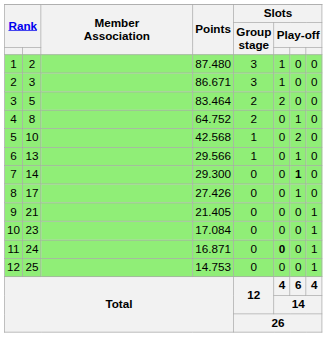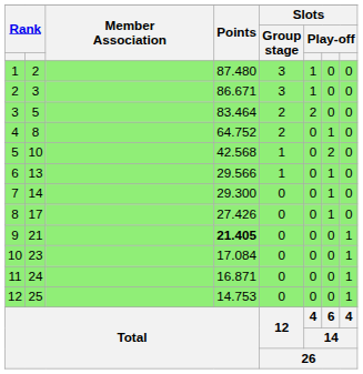 <table class="wikitable" style="text-align:center">
 <tr>
 </tr>
 <tr>
 <th colspan=2 rowspan=2><a href='#'>Rank</a></th>
 <th rowspan=3 width=200>Member<br>Association</th>
 <th rowspan=3>Points</th>
 <th colspan=4>Slots</th>
 </tr>
 <tr>
 <th rowspan=2>Group<br>stage</th>
 <th colspan=3>Play-off</th>
 </tr>
 <tr>
 <th></th>
 <th></th>
 <th></th>
 <th></th>
 <th></th>
 </tr>
 <tr bgcolor=#90ee77>
 <td>1</td>
 <td>2</td>
 <td align=left></td>
 <td>87.480</td>
 <td>3</td>
 <td>1</td>
 <td>0</td>
 <td>0</td>
 </tr>
 <tr bgcolor=#90ee77>
 <td>2</td>
 <td>3</td>
 <td align=left></td>
 <td>86.671</td>
 <td>3</td>
 <td>1</td>
 <td>0</td>
 <td>0</td>
 </tr>
 <tr bgcolor=#90ee77>
 <td>3</td>
 <td>5</td>
 <td align=left></td>
 <td>83.464</td>
 <td>2</td>
 <td>2</td>
 <td>0</td>
 <td>0</td>
 </tr>
 <tr bgcolor=#90ee77>
 <td>4</td>
 <td>8</td>
 <td align=left></td>
 <td>64.752</td>
 <td>2</td>
 <td>0</td>
 <td>1</td>
 <td>0</td>
 </tr>
 <tr bgcolor=#90ee77>
 <td>5</td>
 <td>10</td>
 <td align=left></td>
 <td>42.568</td>
 <td>1</td>
 <td>0</td>
 <td>2</td>
 <td>0</td>
 </tr>
 <tr bgcolor=#90ee77>
 <td>6</td>
 <td>13</td>
 <td align=left></td>
 <td>29.566</td>
 <td>1</td>
 <td>0</td>
 <td>1</td>
 <td>0</td>
 </tr>
 <tr bgcolor=#90ee77>
 <td>7</td>
 <td>14</td>
 <td align=left></td>
 <td>29.300</td>
 <td>0</td>
 <td>0</td>
-<td><strong>1</strong></td>
+<td>1</td>
 <td>0</td>
 </tr>
 <tr bgcolor=#90ee77>
 <td>8</td>
 <td>17</td>
 <td align=left></td>
 <td>27.426</td>
 <td>0</td>
 <td>0</td>
 <td>1</td>
 <td>0</td>
 </tr>
 <tr bgcolor=#90ee77>
 <td>9</td>
 <td>21</td>
 <td align=left></td>
-<td>21.405</td>
+<td><strong>21.405</strong></td>
 <td>0</td>
 <td>0</td>
 <td>0</td>
 <td>1</td>
 </tr>
 <tr bgcolor=#90ee77>
 <td>10</td>
 <td>23</td>
 <td align=left></td>
 <td>17.084</td>
 <td>0</td>
 <td>0</td>
 <td>0</td>
 <td>1</td>
 </tr>
 <tr bgcolor=#90ee77>
 <td>11</td>
 <td>24</td>
 <td align=left></td>
 <td>16.871</td>
 <td>0</td>
-<td><strong>0</strong></td>
+<td>0</td>
 <td>0</td>
 <td>1</td>
 </tr>
 <tr bgcolor=#90ee77>
 <td>12</td>
 <td>25</td>
 <td align=left></td>
 <td>14.753</td>
 <td>0</td>
 <td>0</td>
 <td>0</td>
 <td>1</td>
 </tr>
 <tr>
 <th colspan=4 rowspan=3>Total</th>
 <th rowspan=2>12</th>
 <th>4</th>
 <th>6</th>
 <th>4</th>
 </tr>
 <tr>
 <th colspan=3>14</th>
 </tr>
 <tr>
 <th colspan=4>26</th>
 </tr>
 </table>
